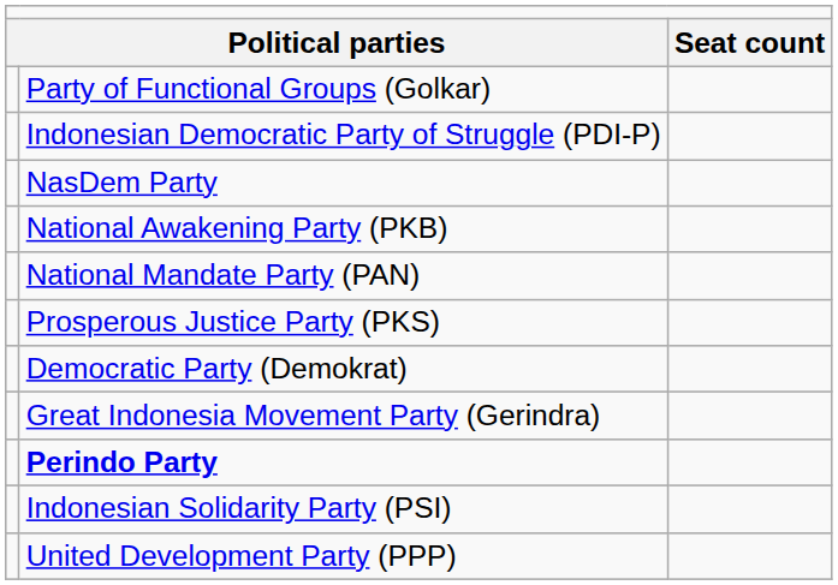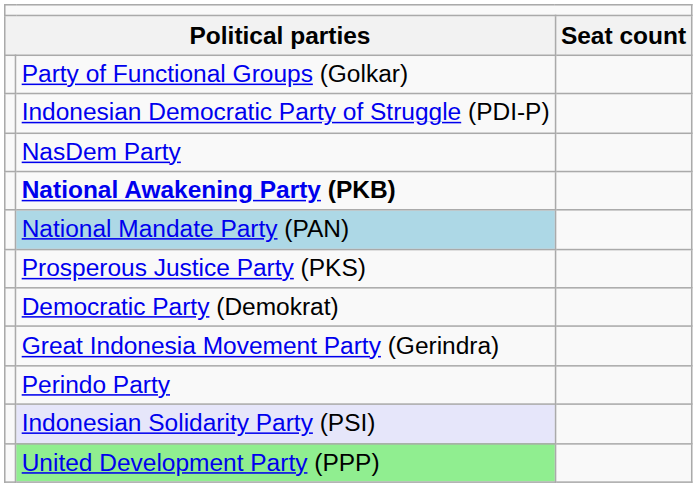 <table class="wikitable">
 <tr>
 <td colspan="4"></td>
 </tr>
 <tr>
 <th colspan="2">Political parties</th>
 <th>Seat count</th>
 </tr>
 <tr>
 <td bgcolor=></td>
 <td><a href='#'>Party of Functional Groups</a> (Golkar)</td>
 <td></td>
 </tr>
 <tr>
 <td bgcolor=></td>
 <td><a href='#'>Indonesian Democratic Party of Struggle</a> (PDI-P)</td>
 <td></td>
 </tr>
 <tr>
 <td bgcolor=></td>
 <td><a href='#'>NasDem Party</a></td>
 <td></td>
 </tr>
 <tr>
 <td bgcolor=></td>
-<td><a href='#'>National Awakening Party</a> (PKB)</td>
+<td><strong><a href='#'>National Awakening Party</a> (PKB)</strong></td>
 <td></td>
 </tr>
 <tr>
 <td bgcolor=></td>
-<td><a href='#'>National Mandate Party</a> (PAN)</td>
+<td style="background: lightblue;"><a href='#'>National Mandate Party</a> (PAN)</td>
 <td></td>
 </tr>
 <tr>
 <td bgcolor=></td>
 <td><a href='#'>Prosperous Justice Party</a> (PKS)</td>
 <td></td>
 </tr>
 <tr>
 <td bgcolor=></td>
 <td><a href='#'>Democratic Party</a> (Demokrat)</td>
 <td></td>
 </tr>
 <tr>
 <td bgcolor=></td>
 <td><a href='#'>Great Indonesia Movement Party</a> (Gerindra)</td>
 <td></td>
 </tr>
 <tr>
 <td bgcolor=></td>
-<td><strong><a href='#'>Perindo Party</a></strong></td>
+<td><a href='#'>Perindo Party</a></td>
 <td></td>
 </tr>
 <tr>
 <td bgcolor=></td>
-<td><a href='#'>Indonesian Solidarity Party</a> (PSI)</td>
+<td style="background: lavender;"><a href='#'>Indonesian Solidarity Party</a> (PSI)</td>
 <td></td>
 </tr>
 <tr>
 <td bgcolor=></td>
-<td><a href='#'>United Development Party</a> (PPP)</td>
+<td style="background: lightgreen;"><a href='#'>United Development Party</a> (PPP)</td>
 <td></td>
 </tr>
 </table>
